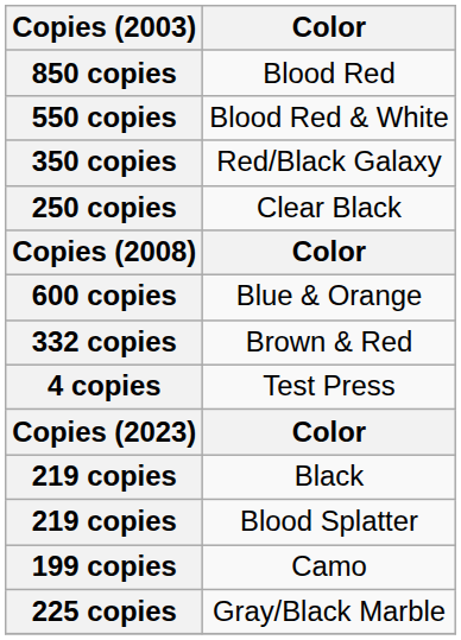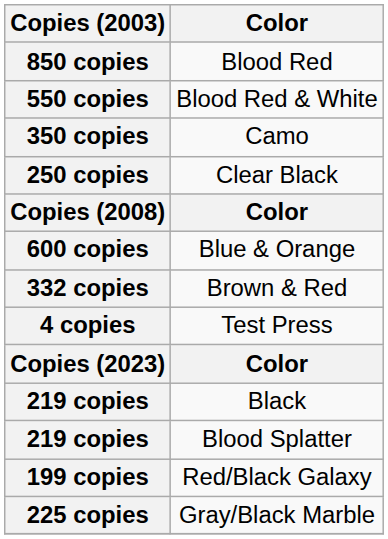 <table class="wikitable plainrowheaders sortable">
 <tr>
 <th scope="col">Copies (2003)</th>
 <th scope="col">Color</th>
 </tr>
 <tr>
 <th scope="row">850 copies</th>
 <td align=center>Blood Red</td>
 </tr>
 <tr>
 <th scope="row">550 copies</th>
 <td align=center>Blood Red & White</td>
 </tr>
 <tr>
 <th scope="row">350 copies</th>
-<td align=center>Red/Black Galaxy</td>
+<td align=center>Camo</td>
 </tr>
 <tr>
 <th scope="row">250 copies</th>
 <td align=center>Clear Black</td>
 </tr>
 <tr>
 <th scope="col">Copies (2008)</th>
 <th scope="col">Color</th>
 </tr>
 <tr>
 <th scope="row">600 copies</th>
 <td align=center>Blue & Orange</td>
 </tr>
 <tr>
 <th scope="row">332 copies</th>
 <td align=center>Brown & Red</td>
 </tr>
 <tr>
 <th scope="row">4 copies</th>
 <td align=center>Test Press</td>
 </tr>
 <tr>
 <th scope="col">Copies (2023)</th>
 <th scope="col">Color</th>
 </tr>
 <tr>
 <th scope="row">219 copies</th>
 <td align=center>Black</td>
 </tr>
 <tr>
 <th scope="row">219 copies</th>
 <td align=center>Blood Splatter</td>
 </tr>
 <tr>
 <th scope="row">199 copies</th>
-<td align=center>Camo</td>
+<td align=center>Red/Black Galaxy</td>
 </tr>
 <tr>
 <th scope="row">225 copies</th>
 <td align=center>Gray/Black Marble</td>
 </tr>
 <tr>
 </tr>
 </table>
